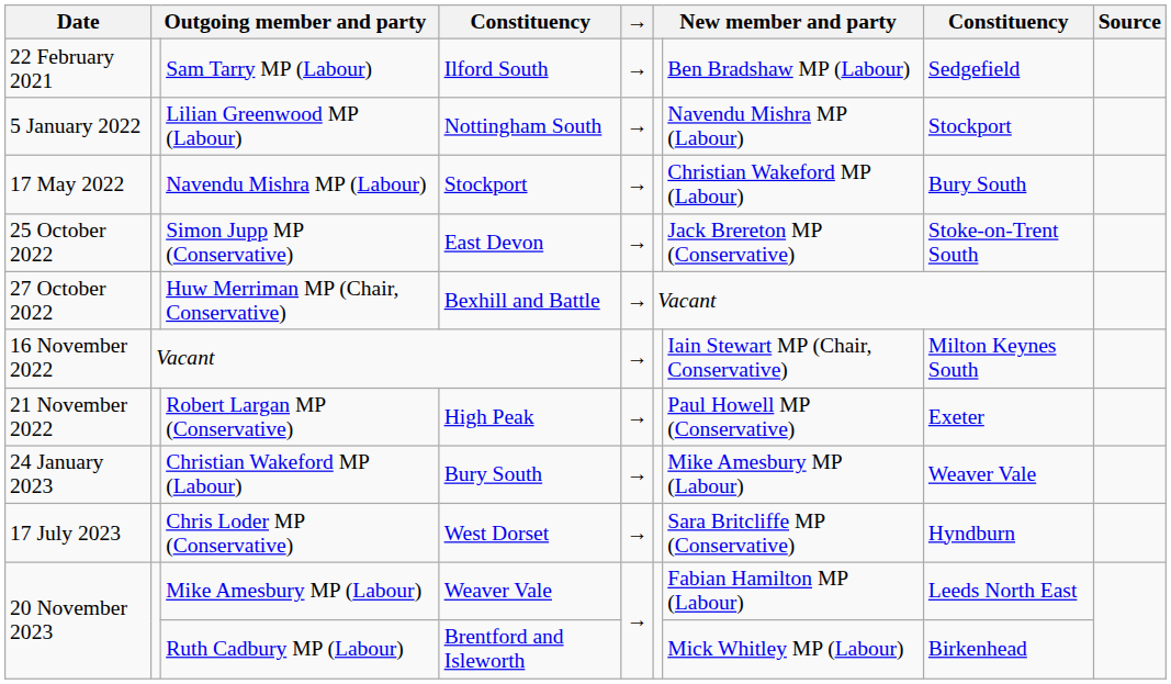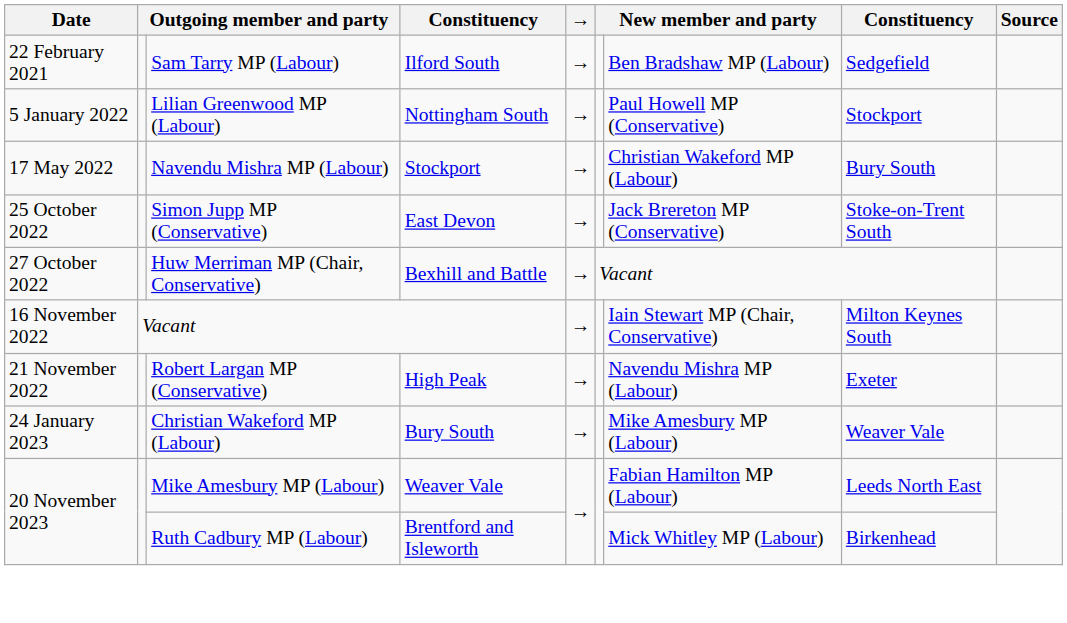 <table class="wikitable">
 <tr>
 <th valign="top">Date</th>
 <th colspan="2" valign="top">Outgoing member and party</th>
 <th valign="top">Constituency</th>
 <th>→</th>
 <th colspan="2" valign="top">New member and party</th>
 <th valign="top">Constituency</th>
 <th valign="top">Source</th>
 </tr>
 <tr>
 <td>22 February 2021</td>
 <td style="color:inherit;background:"></td>
 <td><a href='#'>Sam Tarry</a> MP (<a href='#'>Labour</a>)</td>
 <td><a href='#'>Ilford South</a></td>
 <td>→</td>
 <td style="color:inherit;background:"></td>
 <td><a href='#'>Ben Bradshaw</a> MP (<a href='#'>Labour</a>)</td>
 <td><a href='#'>Sedgefield</a></td>
 <td></td>
 </tr>
 <tr>
 <td>5 January 2022</td>
 <td style="color:inherit;background:"></td>
 <td><a href='#'>Lilian Greenwood</a> MP (<a href='#'>Labour</a>)</td>
 <td><a href='#'>Nottingham South</a></td>
 <td>→</td>
 <td style="color:inherit;background:"></td>
-<td><a href='#'>Navendu Mishra</a> MP (<a href='#'>Labour</a>)</td>
+<td><a href='#'>Paul Howell</a> MP (<a href='#'>Conservative</a>)</td>
 <td><a href='#'>Stockport</a></td>
 <td></td>
 </tr>
 <tr>
 <td>17 May 2022</td>
 <td style="color:inherit;background:"></td>
 <td><a href='#'>Navendu Mishra</a> MP (<a href='#'>Labour</a>)</td>
 <td><a href='#'>Stockport</a></td>
 <td>→</td>
 <td style="color:inherit;background:"></td>
 <td><a href='#'>Christian Wakeford</a> MP (<a href='#'>Labour</a>)</td>
 <td><a href='#'>Bury South</a></td>
 <td></td>
 </tr>
 <tr>
 <td>25 October 2022</td>
 <td style="color:inherit;background:"></td>
 <td><a href='#'>Simon Jupp</a> MP (<a href='#'>Conservative</a>)</td>
 <td><a href='#'>East Devon</a></td>
 <td>→</td>
 <td style="color:inherit;background:"></td>
 <td><a href='#'>Jack Brereton</a> MP (<a href='#'>Conservative</a>)</td>
 <td><a href='#'>Stoke-on-Trent South</a></td>
 <td></td>
 </tr>
 <tr>
 <td>27 October 2022</td>
 <td style="color:inherit;background:"></td>
 <td><a href='#'>Huw Merriman</a> MP (Chair, <a href='#'>Conservative</a>)</td>
 <td><a href='#'>Bexhill and Battle</a></td>
 <td>→</td>
 <td colspan=3><em>Vacant</em></td>
 <td></td>
 </tr>
 <tr>
 <td>16 November 2022</td>
 <td colspan=3><em>Vacant</em></td>
 <td>→</td>
 <td style="color:inherit;background:"></td>
 <td><a href='#'>Iain Stewart</a> MP (Chair, <a href='#'>Conservative</a>)</td>
 <td><a href='#'>Milton Keynes South</a></td>
 <td></td>
 </tr>
 <tr>
 <td>21 November 2022</td>
 <td style="color:inherit;background:"></td>
 <td><a href='#'>Robert Largan</a> MP (<a href='#'>Conservative</a>)</td>
 <td><a href='#'>High Peak</a></td>
 <td>→</td>
 <td style="color:inherit;background:"></td>
-<td><a href='#'>Paul Howell</a> MP (<a href='#'>Conservative</a>)</td>
+<td><a href='#'>Navendu Mishra</a> MP (<a href='#'>Labour</a>)</td>
 <td><a href='#'>Exeter</a></td>
 <td></td>
 </tr>
 <tr>
 <td>24 January 2023</td>
 <td style="color:inherit;background:"></td>
 <td><a href='#'>Christian Wakeford</a> MP (<a href='#'>Labour</a>)</td>
 <td><a href='#'>Bury South</a></td>
 <td>→</td>
 <td style="color:inherit;background:"></td>
 <td><a href='#'>Mike Amesbury</a> MP (<a href='#'>Labour</a>)</td>
 <td><a href='#'>Weaver Vale</a></td>
-<td></td>
-</tr>
-<tr>
-<td>17 July 2023</td>
-<td style="color:inherit;background:"></td>
-<td><a href='#'>Chris Loder</a> MP (<a href='#'>Conservative</a>)</td>
-<td><a href='#'>West Dorset</a></td>
-<td>→</td>
-<td style="color:inherit;background:"></td>
-<td><a href='#'>Sara Britcliffe</a> MP (<a href='#'>Conservative</a>)</td>
-<td><a href='#'>Hyndburn</a></td>
 <td></td>
 </tr>
 <tr>
 <td rowspan=2>20 November 2023</td>
 <td rowspan=2 style="color:inherit;background:"></td>
 <td><a href='#'>Mike Amesbury</a> MP (<a href='#'>Labour</a>)</td>
 <td><a href='#'>Weaver Vale</a></td>
 <td rowspan=2>→</td>
 <td rowspan=2 style="color:inherit;background:"></td>
 <td><a href='#'>Fabian Hamilton</a> MP (<a href='#'>Labour</a>)</td>
 <td><a href='#'>Leeds North East</a></td>
 <td rowspan=2></td>
 </tr>
 <tr>
 <td><a href='#'>Ruth Cadbury</a> MP (<a href='#'>Labour</a>)</td>
 <td><a href='#'>Brentford and Isleworth</a></td>
 <td><a href='#'>Mick Whitley</a> MP (<a href='#'>Labour</a>)</td>
 <td><a href='#'>Birkenhead</a></td>
 </tr>
 </table>
